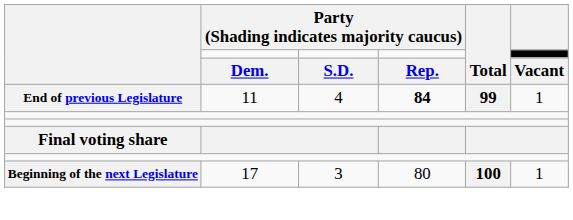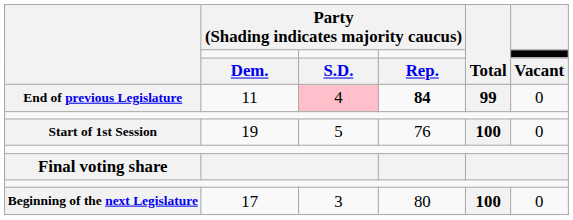 <table class=wikitable style="text-align:center">
 <tr style="vertical-align:bottom;">
 <th rowspan=3></th>
 <th colspan=3>Party <div>(Shading indicates majority caucus)</div></th>
 <th rowspan=3>Total</th>
 <th></th>
 </tr>
 <tr style="height:5px">
 <td style="background-color:"></td>
 <td style="background-color:"></td>
 <td style="background-color:"></td>
 <td style="background:black;"></td>
 </tr>
 <tr>
 <th><a href='#'>Dem.</a></th>
 <th><a href='#'>S.D.</a></th>
 <th><a href='#'>Rep.</a></th>
 <th>Vacant</th>
 </tr>
 <tr>
 <th style="font-size:80%;">End of <a href='#'>previous Legislature</a></th>
 <td>11</td>
-<td>4</td>
+<td style="background: pink;">4</td>
 <td><strong>84</strong></td>
 <th>99</th>
-<td>1</td>
+<td>0</td>
 </tr>
 <tr>
 <td colspan=6></td>
+</tr>
+<tr>
+<th style="font-size:80%;">Start of 1st Session</th>
+<td>19</td>
+<td>5</td>
+<td>76</td>
+<th>100</th>
+<td>0</td>
 </tr>
 <tr>
 <td colspan=6></td>
 </tr>
 <tr>
 <th>Final voting share</th>
 <th colspan=2></th>
 <th></th>
 <th colspan=2></th>
 </tr>
 <tr>
 <td colspan=6></td>
 </tr>
 <tr>
 <th style="font-size:80%;">Beginning of the <a href='#'>next Legislature</a></th>
 <td>17</td>
 <td>3</td>
 <td>80</td>
 <th>100</th>
-<td>1</td>
+<td>0</td>
 </tr>
 </table>
